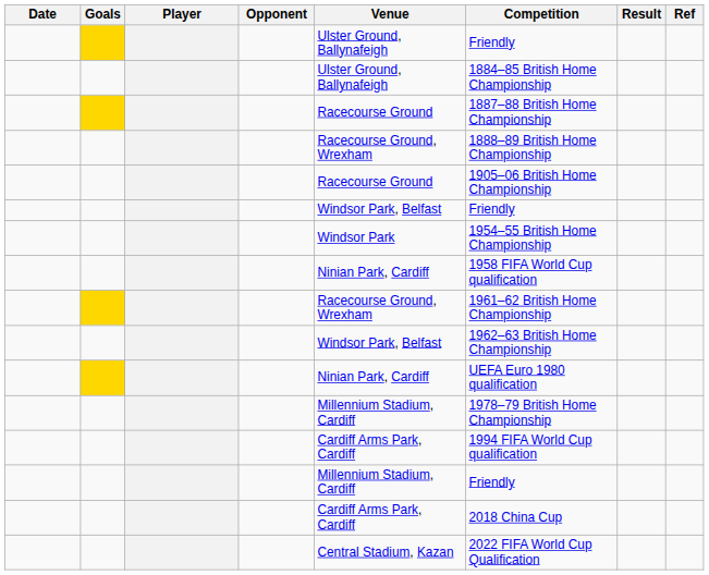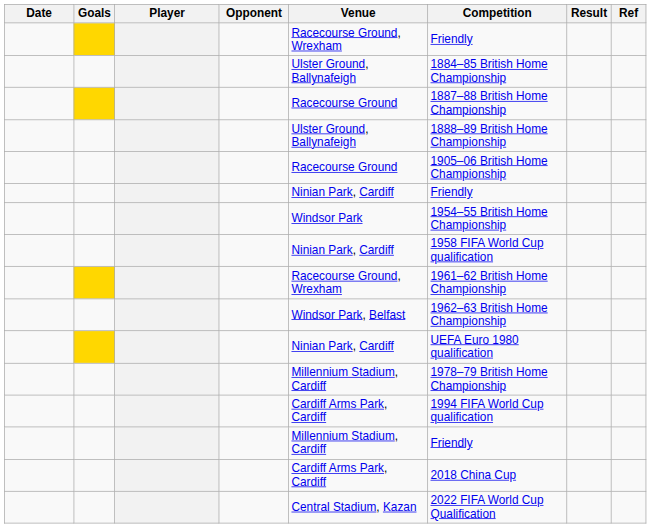 <table class="wikitable sortable plainrowheaders">
 <tr>
 <th scope="col" width="10%">Date</th>
 <th scope="col" width="5%">Goals</th>
 <th scope="col" width="15%">Player</th>
 <th scope="col" width="10%">Opponent</th>
 <th scope="col" width="20%">Venue</th>
 <th scope="col" width="20%">Competition</th>
 <th scope="col" class="align:center" width="5%">Result</th>
 <th scope="col" class="align: center; unsortable" width="5%">Ref</th>
 </tr>
 <tr>
 <td></td>
 <td bgcolor=gold></td>
 <th scope="row"></th>
 <td></td>
-<td><a href='#'>Ulster Ground</a>, <a href='#'>Ballynafeigh</a></td>
+<td><a href='#'>Racecourse Ground</a>, <a href='#'>Wrexham</a></td>
 <td><a href='#'>Friendly</a></td>
 <td data-sort-value="0700"></td>
 <td align=center></td>
 </tr>
 <tr>
 <td></td>
 <td></td>
 <th scope="row"></th>
 <td></td>
 <td><a href='#'>Ulster Ground</a>, <a href='#'>Ballynafeigh</a></td>
 <td><a href='#'>1884–85 British Home Championship</a></td>
 <td data-sort-value="0800"></td>
 <td align=center></td>
 </tr>
 <tr>
 <td></td>
 <td bgcolor=gold></td>
 <th scope="row"></th>
 <td></td>
 <td><a href='#'>Racecourse Ground</a></td>
 <td><a href='#'>1887–88 British Home Championship</a></td>
 <td data-sort-value="1100"></td>
 <td align=center></td>
 </tr>
 <tr>
 <td></td>
 <td></td>
 <th scope="row"></th>
 <td></td>
-<td><a href='#'>Racecourse Ground</a>, <a href='#'>Wrexham</a></td>
+<td><a href='#'>Ulster Ground</a>, <a href='#'>Ballynafeigh</a></td>
 <td><a href='#'>1888–89 British Home Championship</a></td>
 <td data-sort-value="0300"></td>
 <td align=center></td>
 </tr>
 <tr>
 <td></td>
 <td></td>
 <th scope="row"></th>
 <td></td>
 <td><a href='#'>Racecourse Ground</a></td>
 <td><a href='#'>1905–06 British Home Championship</a></td>
 <td data-sort-value="0400"></td>
 <td align=center></td>
 </tr>
 <tr>
 <td></td>
 <td></td>
 <th scope="row"></th>
 <td></td>
-<td><a href='#'>Windsor Park</a>, <a href='#'>Belfast</a></td>
+<td><a href='#'>Ninian Park</a>, <a href='#'>Cardiff</a></td>
 <td><a href='#'>Friendly</a></td>
 <td data-sort-value="0500"></td>
 <td align=center></td>
 </tr>
 <tr>
 <td></td>
 <td></td>
 <th scope="row"></th>
 <td></td>
 <td><a href='#'>Windsor Park</a></td>
 <td><a href='#'>1954–55 British Home Championship</a></td>
 <td data-sort-value="0300"></td>
 <td align=center></td>
 </tr>
 <tr>
 <td></td>
 <td></td>
 <th scope="row"></th>
 <td></td>
 <td><a href='#'>Ninian Park</a>, <a href='#'>Cardiff</a></td>
 <td><a href='#'>1958 FIFA World Cup qualification</a></td>
 <td data-sort-value="0400"></td>
 <td align=center></td>
 </tr>
 <tr>
 <td></td>
 <td bgcolor=gold></td>
 <th scope="row"></th>
 <td></td>
 <td><a href='#'>Racecourse Ground</a>, <a href='#'>Wrexham</a></td>
 <td><a href='#'>1961–62 British Home Championship</a></td>
 <td data-sort-value="0400"></td>
 <td align=center></td>
 </tr>
 <tr>
 <td></td>
 <td></td>
 <th scope="row"></th>
 <td></td>
 <td><a href='#'>Windsor Park</a>, <a href='#'>Belfast</a></td>
 <td><a href='#'>1962–63 British Home Championship</a></td>
 <td data-sort-value="0400"></td>
 <td align=center></td>
 </tr>
 <tr>
 <td></td>
 <td bgcolor=gold></td>
 <th scope="row"></th>
 <td></td>
 <td><a href='#'>Ninian Park</a>, <a href='#'>Cardiff</a></td>
 <td><a href='#'>UEFA Euro 1980 qualification</a></td>
 <td data-sort-value="0700"></td>
 <td align=center></td>
 </tr>
 <tr>
 <td></td>
 <td></td>
 <th scope="row"></th>
 <td></td>
 <td><a href='#'>Millennium Stadium</a>, <a href='#'>Cardiff</a></td>
 <td><a href='#'>1978–79 British Home Championship</a></td>
 <td data-sort-value="0300"></td>
 <td align=center></td>
 </tr>
 <tr>
 <td></td>
 <td></td>
 <th scope="row"></th>
 <td></td>
 <td><a href='#'>Cardiff Arms Park</a>, <a href='#'>Cardiff</a></td>
 <td><a href='#'>1994 FIFA World Cup qualification</a></td>
 <td data-sort-value="0600"></td>
 <td align=center></td>
 </tr>
 <tr>
 <td></td>
 <td></td>
 <th scope="row"></th>
 <td></td>
 <td><a href='#'>Millennium Stadium</a>, <a href='#'>Cardiff</a></td>
 <td><a href='#'>Friendly</a></td>
 <td data-sort-value="0400"></td>
 <td align=center></td>
 </tr>
 <tr>
 <td></td>
 <td></td>
 <th scope="row"></th>
 <td></td>
 <td><a href='#'>Cardiff Arms Park</a>, <a href='#'>Cardiff</a></td>
 <td><a href='#'>2018 China Cup</a></td>
 <td data-sort-value="0600"></td>
 <td align=center></td>
 </tr>
 <tr>
 <td></td>
 <td></td>
 <th scope="row"></th>
 <td></td>
 <td><a href='#'>Central Stadium</a>, <a href='#'>Kazan</a></td>
 <td><a href='#'>2022 FIFA World Cup Qualification</a></td>
 <td data-sort-value="0320"></td>
 <td align=center></td>
 </tr>
 </table>
